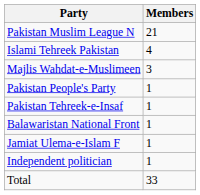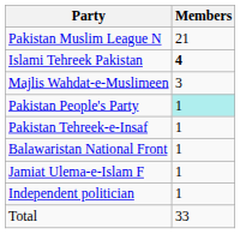 <table class="wikitable">
 <tr>
 <th>Party</th>
 <th>Members</th>
 </tr>
 <tr>
 <td><a href='#'>Pakistan Muslim League N</a></td>
 <td>21</td>
 </tr>
 <tr>
 <td><a href='#'>Islami Tehreek Pakistan</a></td>
-<td>4</td>
+<td><strong>4</strong></td>
 </tr>
 <tr>
 <td><a href='#'>Majlis Wahdat-e-Muslimeen</a></td>
 <td>3</td>
 </tr>
 <tr>
 <td><a href='#'>Pakistan People's Party</a></td>
-<td>1</td>
+<td style="background: paleturquoise;">1</td>
 </tr>
 <tr>
 <td><a href='#'>Pakistan Tehreek-e-Insaf</a></td>
 <td>1</td>
 </tr>
 <tr>
 <td><a href='#'>Balawaristan National Front</a></td>
 <td>1</td>
 </tr>
 <tr>
 <td><a href='#'>Jamiat Ulema-e-Islam F</a></td>
 <td>1</td>
 </tr>
 <tr>
 <td><a href='#'>Independent politician</a></td>
 <td>1</td>
 </tr>
 <tr>
 <td>Total</td>
 <td>33</td>
 </tr>
 </table>
